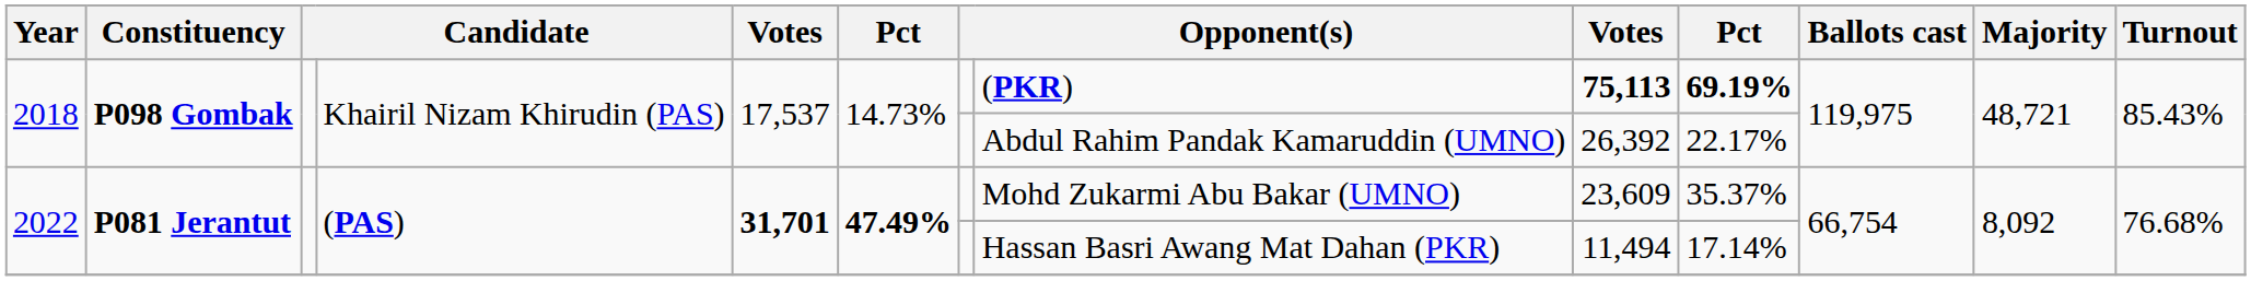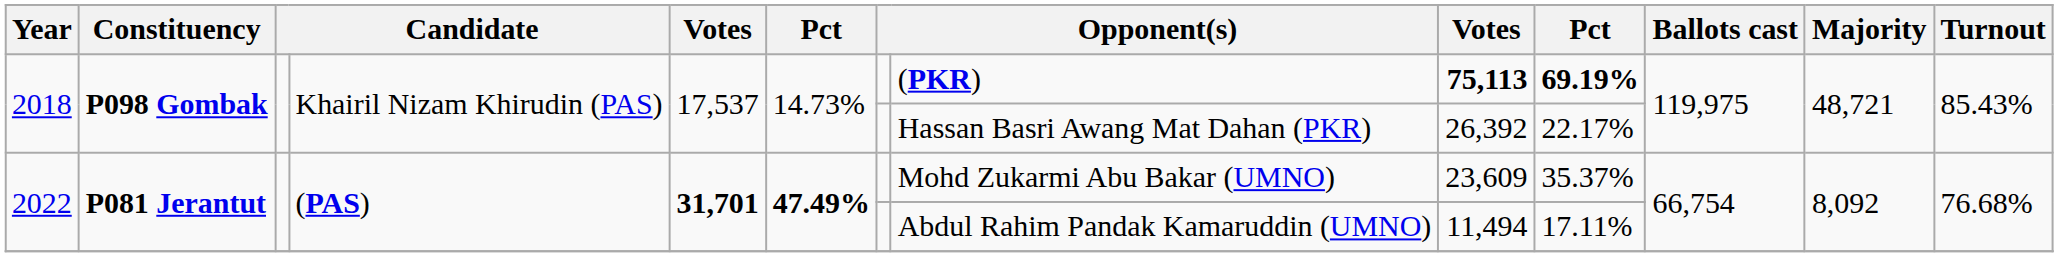 <table class="wikitable" style="margin:0.5em ; font-size:95%">
 <tr>
 <th>Year</th>
 <th>Constituency</th>
 <th colspan=2>Candidate</th>
 <th>Votes</th>
 <th>Pct</th>
 <th colspan=2>Opponent(s)</th>
 <th>Votes</th>
 <th>Pct</th>
 <th>Ballots cast</th>
 <th>Majority</th>
 <th>Turnout</th>
 </tr>
 <tr>
 <td rowspan=2><a href='#'>2018</a></td>
 <td rowspan=2><strong>P098 <a href='#'>Gombak</a></strong></td>
 <td rowspan=2 ></td>
 <td rowspan=2>Khairil Nizam Khirudin (<a href='#'>PAS</a>)</td>
 <td rowspan=2 align="right">17,537</td>
 <td rowspan=2>14.73%</td>
 <td></td>
 <td> (<a href='#'><strong>PKR</strong></a>)</td>
 <td align="right"><strong>75,113</strong></td>
 <td><strong>69.19%</strong></td>
 <td rowspan=2>119,975</td>
 <td rowspan=2>48,721</td>
 <td rowspan=2>85.43%</td>
 </tr>
 <tr>
 <td></td>
-<td>Abdul Rahim Pandak Kamaruddin (<a href='#'>UMNO</a>)</td>
+<td>Hassan Basri Awang Mat Dahan (<a href='#'>PKR</a>)</td>
 <td align="right">26,392</td>
 <td>22.17%</td>
 </tr>
 <tr>
 <td rowspan=2><a href='#'>2022</a></td>
 <td rowspan=2><strong>P081 <a href='#'>Jerantut</a></strong></td>
 <td rowspan=2 bgcolor=></td>
 <td rowspan=2> (<a href='#'><strong>PAS</strong></a>)</td>
 <td rowspan=2 align="right"><strong>31,701</strong></td>
 <td rowspan=2><strong>47.49%</strong></td>
 <td></td>
 <td>Mohd Zukarmi Abu Bakar (<a href='#'>UMNO</a>)</td>
 <td align="right">23,609</td>
 <td>35.37%</td>
 <td rowspan=2>66,754</td>
 <td rowspan=2>8,092</td>
 <td rowspan=2>76.68%</td>
 </tr>
 <tr>
 <td></td>
-<td>Hassan Basri Awang Mat Dahan (<a href='#'>PKR</a>)</td>
+<td>Abdul Rahim Pandak Kamaruddin (<a href='#'>UMNO</a>)</td>
 <td align="right">11,494</td>
-<td>17.14%</td>
+<td>17.11%</td>
 </tr>
 <tr>
 </tr>
 </table>
